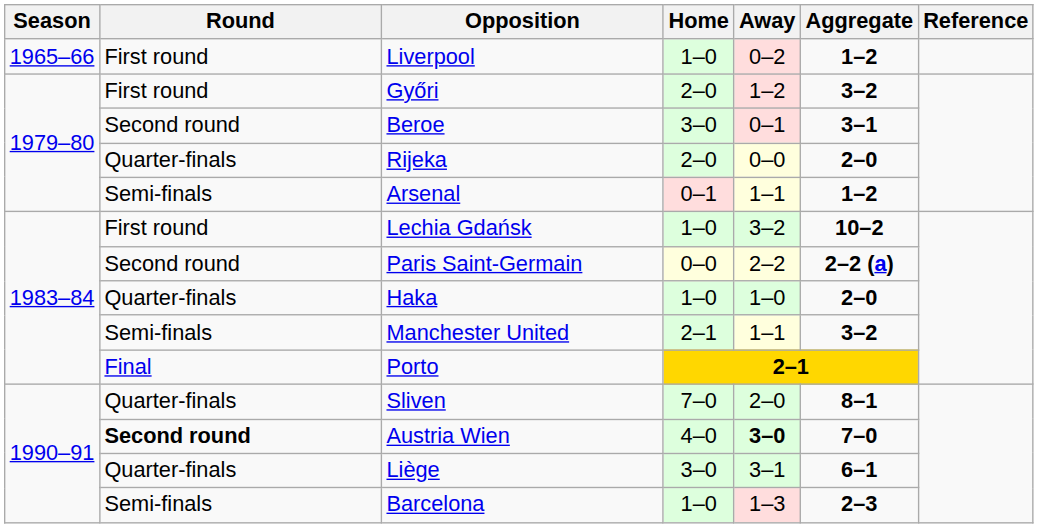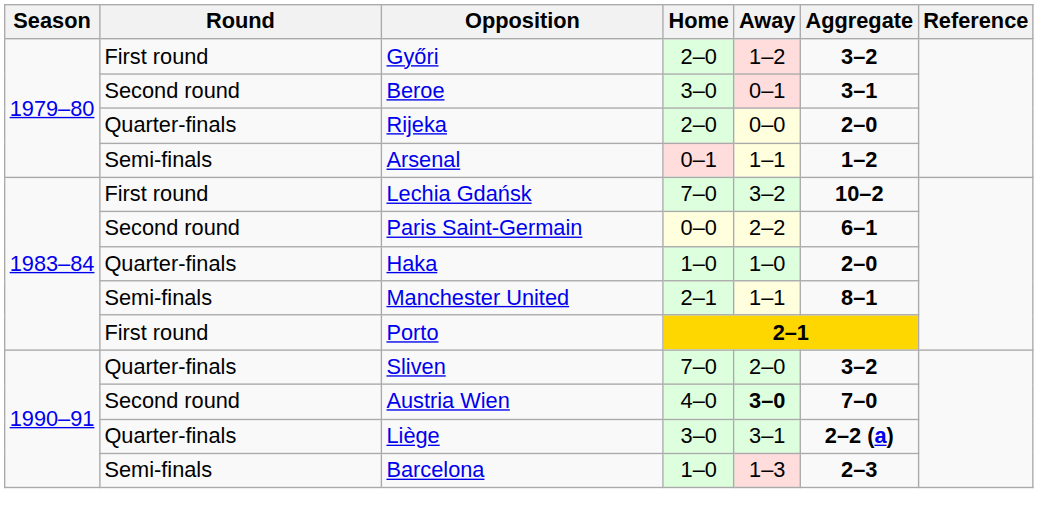 <table class="wikitable">
 <tr>
 <th>Season</th>
 <th width=200>Round</th>
 <th width=200>Opposition</th>
 <th>Home</th>
 <th>Away</th>
 <th>Aggregate</th>
 <th>Reference</th>
-</tr>
-<tr>
-<td><a href='#'>1965–66</a></td>
-<td>First round</td>
-<td> <a href='#'>Liverpool</a></td>
-<td style="text-align:center; background:#dfd;">1–0</td>
-<td style="text-align:center; background:#fdd;">0–2</td>
-<td style="text-align:center;"><strong>1–2</strong></td>
-<td style="text-align:center;"></td>
 </tr>
 <tr>
 <td rowspan=4><a href='#'>1979–80</a></td>
 <td>First round</td>
 <td> <a href='#'>Győri</a></td>
 <td style="text-align:center; background:#dfd;">2–0</td>
 <td style="text-align:center; background:#fdd;">1–2</td>
 <td style="text-align:center;"><strong>3–2</strong></td>
 <td rowspan="4" style="text-align:center;"></td>
 </tr>
 <tr>
 <td>Second round</td>
 <td> <a href='#'>Beroe</a></td>
 <td style="text-align:center; background:#dfd;">3–0</td>
 <td style="text-align:center; background:#fdd;">0–1</td>
 <td style="text-align:center;"><strong>3–1</strong></td>
 </tr>
 <tr>
 <td>Quarter-finals</td>
 <td> <a href='#'>Rijeka</a></td>
 <td style="text-align:center; background:#dfd;">2–0</td>
 <td style="text-align:center; background:#ffd;">0–0</td>
 <td style="text-align:center;"><strong>2–0</strong></td>
 </tr>
 <tr>
 <td>Semi-finals</td>
 <td> <a href='#'>Arsenal</a></td>
 <td style="text-align:center; background:#fdd;">0–1</td>
 <td style="text-align:center; background:#ffd;">1–1</td>
 <td style="text-align:center;"><strong>1–2</strong></td>
 </tr>
 <tr>
 <td rowspan=5><a href='#'>1983–84</a></td>
 <td>First round</td>
 <td> <a href='#'>Lechia Gdańsk</a></td>
-<td style="text-align:center; background:#dfd;">1–0</td>
+<td style="text-align:center; background:#dfd;">7–0</td>
 <td style="text-align:center; background:#dfd;">3–2</td>
 <td style="text-align:center;"><strong>10–2</strong></td>
 <td rowspan="5" style="text-align:center;"></td>
 </tr>
 <tr>
 <td>Second round</td>
 <td> <a href='#'>Paris Saint-Germain</a></td>
 <td style="text-align:center; background:#ffd;">0–0</td>
 <td style="text-align:center; background:#ffd;">2–2</td>
-<td style="text-align:center;"><strong>2–2 (<a href='#'>a</a>)</strong></td>
+<td style="text-align:center;"><strong>6–1</strong></td>
 </tr>
 <tr>
 <td>Quarter-finals</td>
 <td> <a href='#'>Haka</a></td>
 <td style="text-align:center; background:#dfd;">1–0</td>
 <td style="text-align:center; background:#dfd;">1–0</td>
 <td style="text-align:center;"><strong>2–0</strong></td>
 </tr>
 <tr>
 <td>Semi-finals</td>
 <td> <a href='#'>Manchester United</a></td>
 <td style="text-align:center; background:#dfd;">2–1</td>
 <td style="text-align:center; background:#ffd;">1–1</td>
-<td style="text-align:center;"><strong>3–2</strong></td>
+<td style="text-align:center;"><strong>8–1</strong></td>
 </tr>
 <tr>
-<td><a href='#'>Final</a></td>
+<td>First round</td>
 <td> <a href='#'>Porto</a></td>
 <td bgcolor=Gold colspan="3" style="text-align:center;"><strong>2–1</strong></td>
 </tr>
 <tr>
 <td rowspan=4><a href='#'>1990–91</a></td>
 <td>Quarter-finals</td>
 <td> <a href='#'>Sliven</a></td>
 <td style="text-align:center; background:#dfd;">7–0</td>
 <td style="text-align:center; background:#dfd;">2–0</td>
-<td style="text-align:center;"><strong>8–1</strong></td>
+<td style="text-align:center;"><strong>3–2</strong></td>
 <td rowspan="4" style="text-align:center;"></td>
 </tr>
 <tr>
-<td><strong>Second round</strong></td>
+<td>Second round</td>
 <td> <a href='#'>Austria Wien</a></td>
 <td style="text-align:center; background:#dfd;">4–0</td>
 <td style="text-align:center; background:#dfd;"><strong>3–0</strong></td>
 <td style="text-align:center;"><strong>7–0</strong></td>
 </tr>
 <tr>
 <td>Quarter-finals</td>
 <td> <a href='#'>Liège</a></td>
 <td style="text-align:center; background:#dfd;">3–0</td>
 <td style="text-align:center; background:#dfd;">3–1</td>
-<td style="text-align:center;"><strong>6–1</strong></td>
+<td style="text-align:center;"><strong>2–2 (<a href='#'>a</a>)</strong></td>
 </tr>
 <tr>
 <td>Semi-finals</td>
 <td> <a href='#'>Barcelona</a></td>
 <td style="text-align:center; background:#dfd;">1–0</td>
 <td style="text-align:center; background:#fdd;">1–3</td>
 <td style="text-align:center;"><strong>2–3</strong></td>
 </tr>
 </table>
